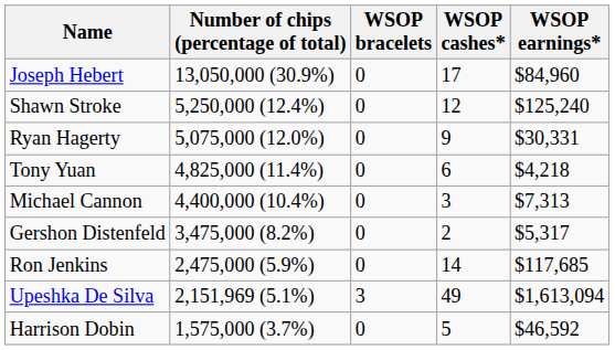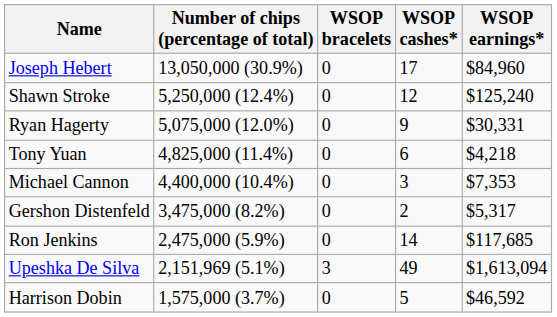 <table class="wikitable" style="display: inline-table;">
 <tr>
 <th>Name</th>
 <th>Number of chips<br>(percentage of total)</th>
 <th>WSOP<br>bracelets</th>
 <th>WSOP<br>cashes*</th>
 <th>WSOP<br>earnings*</th>
 </tr>
 <tr>
 <td> <a href='#'>Joseph Hebert</a></td>
 <td>13,050,000 (30.9%)</td>
 <td>0</td>
 <td>17</td>
 <td>$84,960</td>
 </tr>
 <tr>
 <td> Shawn Stroke</td>
 <td>5,250,000 (12.4%)</td>
 <td>0</td>
 <td>12</td>
 <td>$125,240</td>
 </tr>
 <tr>
 <td> Ryan Hagerty</td>
 <td>5,075,000 (12.0%)</td>
 <td>0</td>
 <td>9</td>
 <td>$30,331</td>
 </tr>
 <tr>
 <td> Tony Yuan</td>
 <td>4,825,000 (11.4%)</td>
 <td>0</td>
 <td>6</td>
 <td>$4,218</td>
 </tr>
 <tr>
 <td> Michael Cannon</td>
 <td>4,400,000 (10.4%)</td>
 <td>0</td>
 <td>3</td>
-<td>$7,313</td>
+<td>$7,353</td>
 </tr>
 <tr>
 <td> Gershon Distenfeld</td>
 <td>3,475,000 (8.2%)</td>
 <td>0</td>
 <td>2</td>
 <td>$5,317</td>
 </tr>
 <tr>
 <td> Ron Jenkins</td>
 <td>2,475,000 (5.9%)</td>
 <td>0</td>
 <td>14</td>
 <td>$117,685</td>
 </tr>
 <tr>
 <td> <a href='#'>Upeshka De Silva</a></td>
 <td>2,151,969 (5.1%)</td>
 <td>3</td>
 <td>49</td>
 <td>$1,613,094</td>
 </tr>
 <tr>
 <td> Harrison Dobin</td>
 <td>1,575,000 (3.7%)</td>
 <td>0</td>
 <td>5</td>
 <td>$46,592</td>
 </tr>
 </table>
